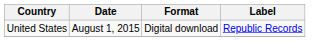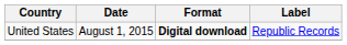 <table class="wikitable">
 <tr>
 <th>Country</th>
 <th>Date</th>
 <th>Format</th>
 <th>Label</th>
 </tr>
 <tr>
 <td>United States</td>
 <td>August 1, 2015</td>
-<td>Digital download</td>
+<td><strong>Digital download</strong></td>
 <td><a href='#'>Republic Records</a></td>
 </tr>
 <tr>
 </tr>
 </table>
